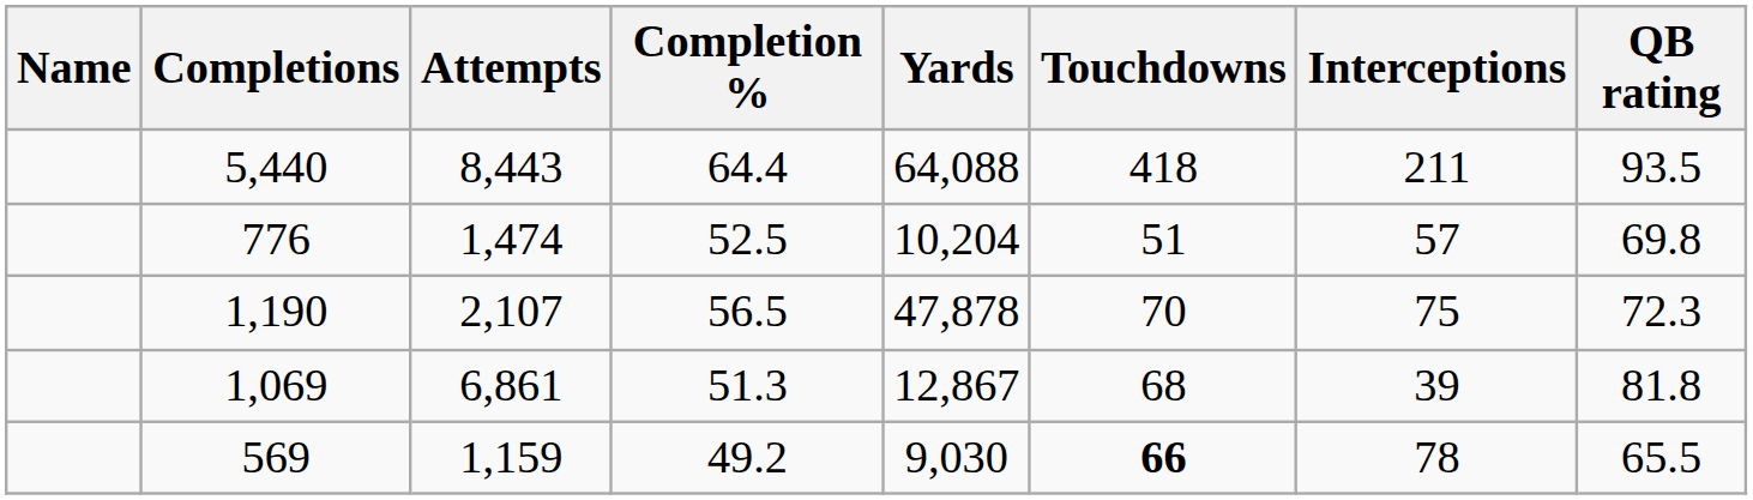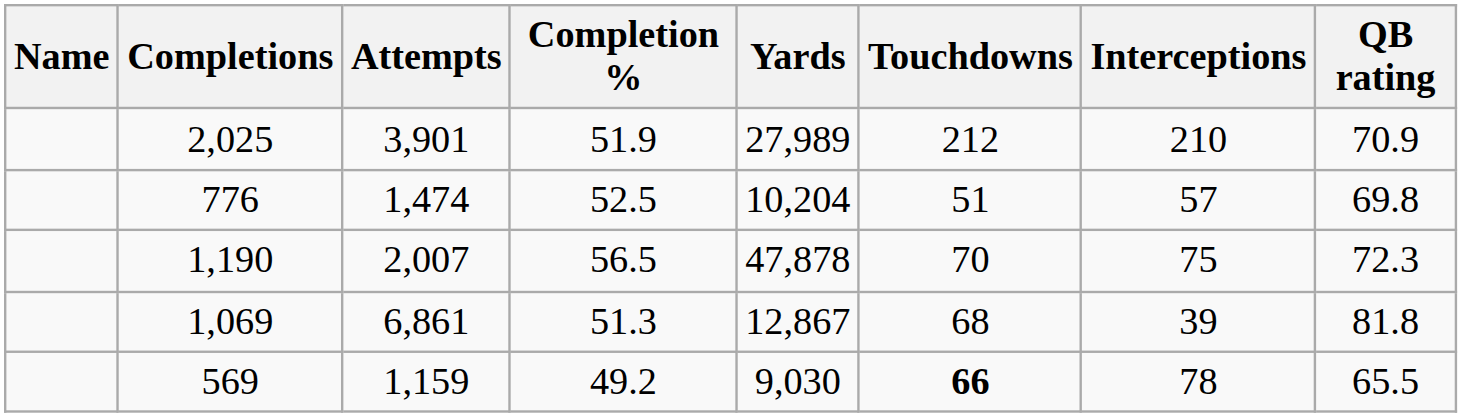 <table class="wikitable sortable" style="text-align:center">
 <tr>
 <th>Name</th>
 <th>Completions</th>
 <th>Attempts</th>
 <th>Completion %</th>
 <th>Yards</th>
 <th>Touchdowns</th>
 <th>Interceptions</th>
 <th>QB rating</th>
 </tr>
 <tr>
 <td></td>
-<td>5,440</td>
-<td>8,443</td>
-<td>64.4</td>
-<td>64,088</td>
-<td>418</td>
-<td>211</td>
-<td>93.5</td>
+<td>2,025</td>
+<td>3,901</td>
+<td>51.9</td>
+<td>27,989</td>
+<td>212</td>
+<td>210</td>
+<td>70.9</td>
 </tr>
 <tr>
 <td></td>
 <td>776</td>
 <td>1,474</td>
 <td>52.5</td>
 <td>10,204</td>
 <td>51</td>
 <td>57</td>
 <td>69.8</td>
 </tr>
 <tr>
 <td></td>
 <td>1,190</td>
-<td>2,107</td>
+<td>2,007</td>
 <td>56.5</td>
 <td>47,878</td>
 <td>70</td>
 <td>75</td>
 <td>72.3</td>
 </tr>
 <tr>
 <td></td>
 <td>1,069</td>
 <td>6,861</td>
 <td>51.3</td>
 <td>12,867</td>
 <td>68</td>
 <td>39</td>
 <td>81.8</td>
 </tr>
 <tr>
 <td></td>
 <td>569</td>
 <td>1,159</td>
 <td>49.2</td>
 <td>9,030</td>
 <td><strong>66</strong></td>
 <td>78</td>
 <td>65.5</td>
 </tr>
 </table>
